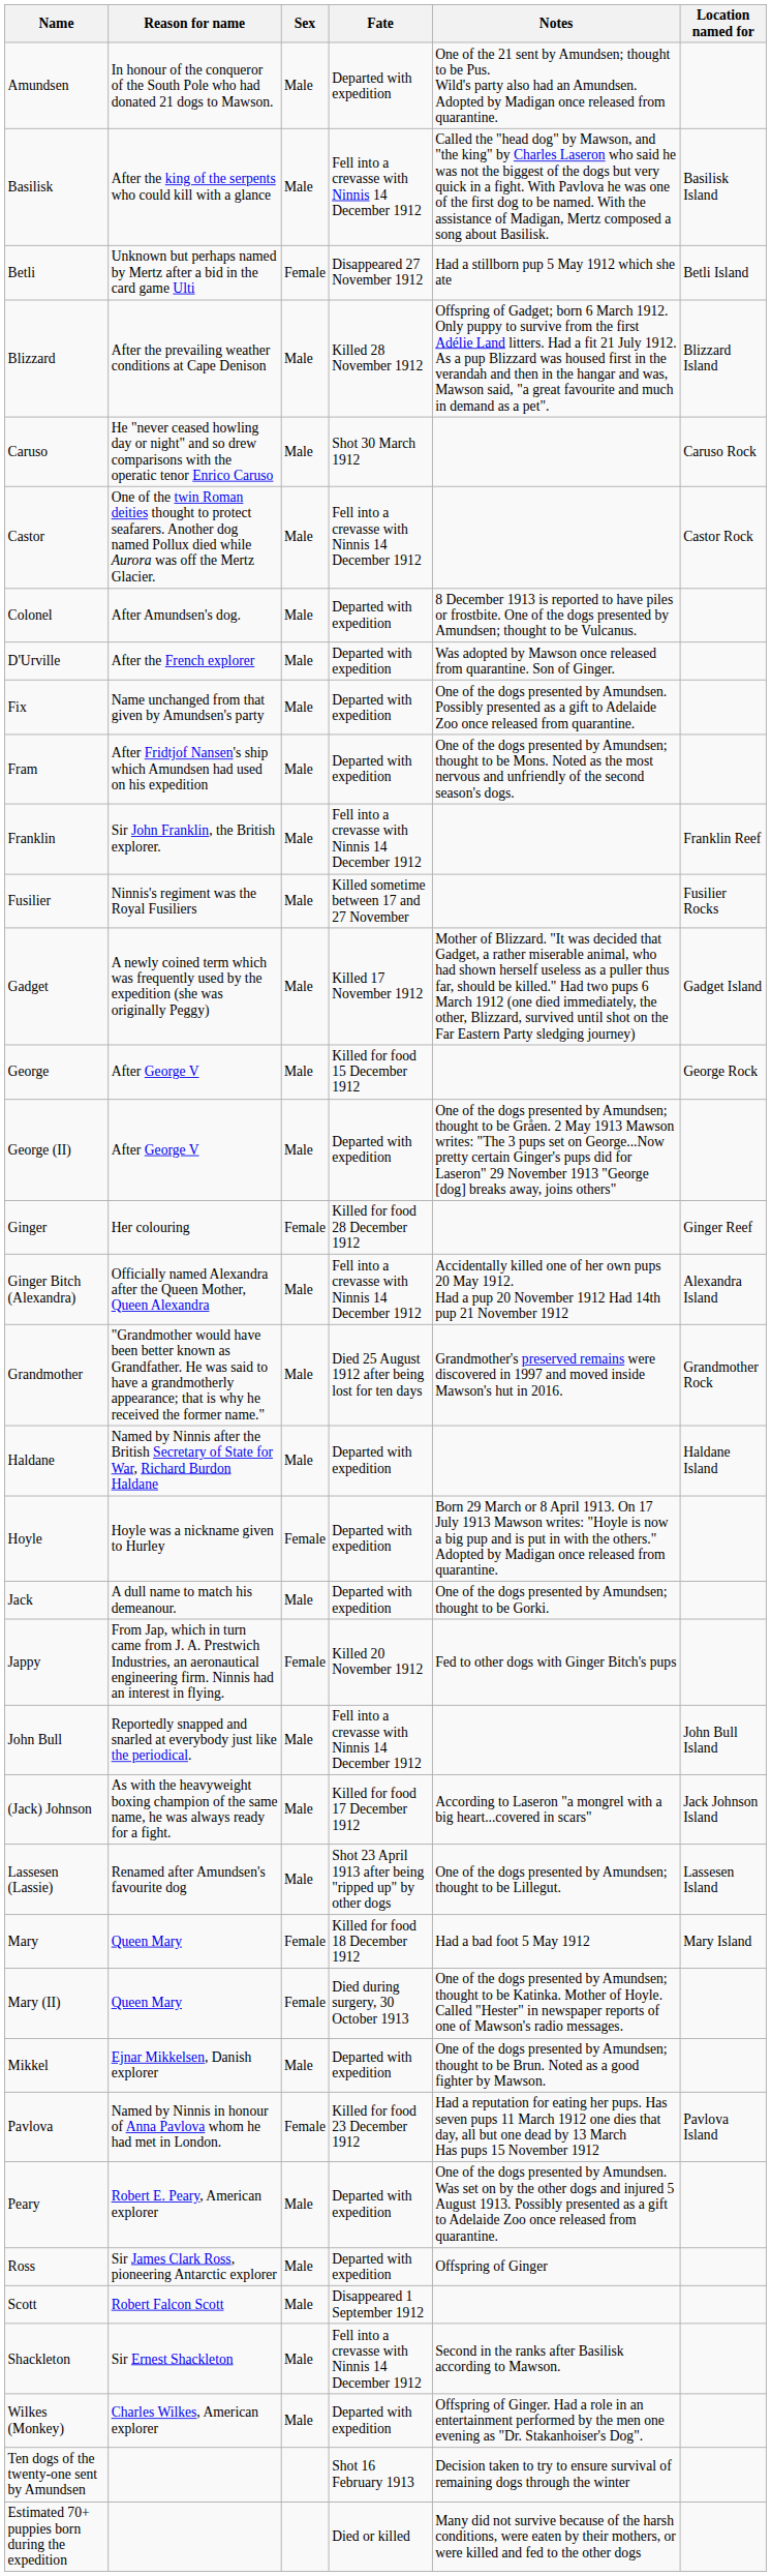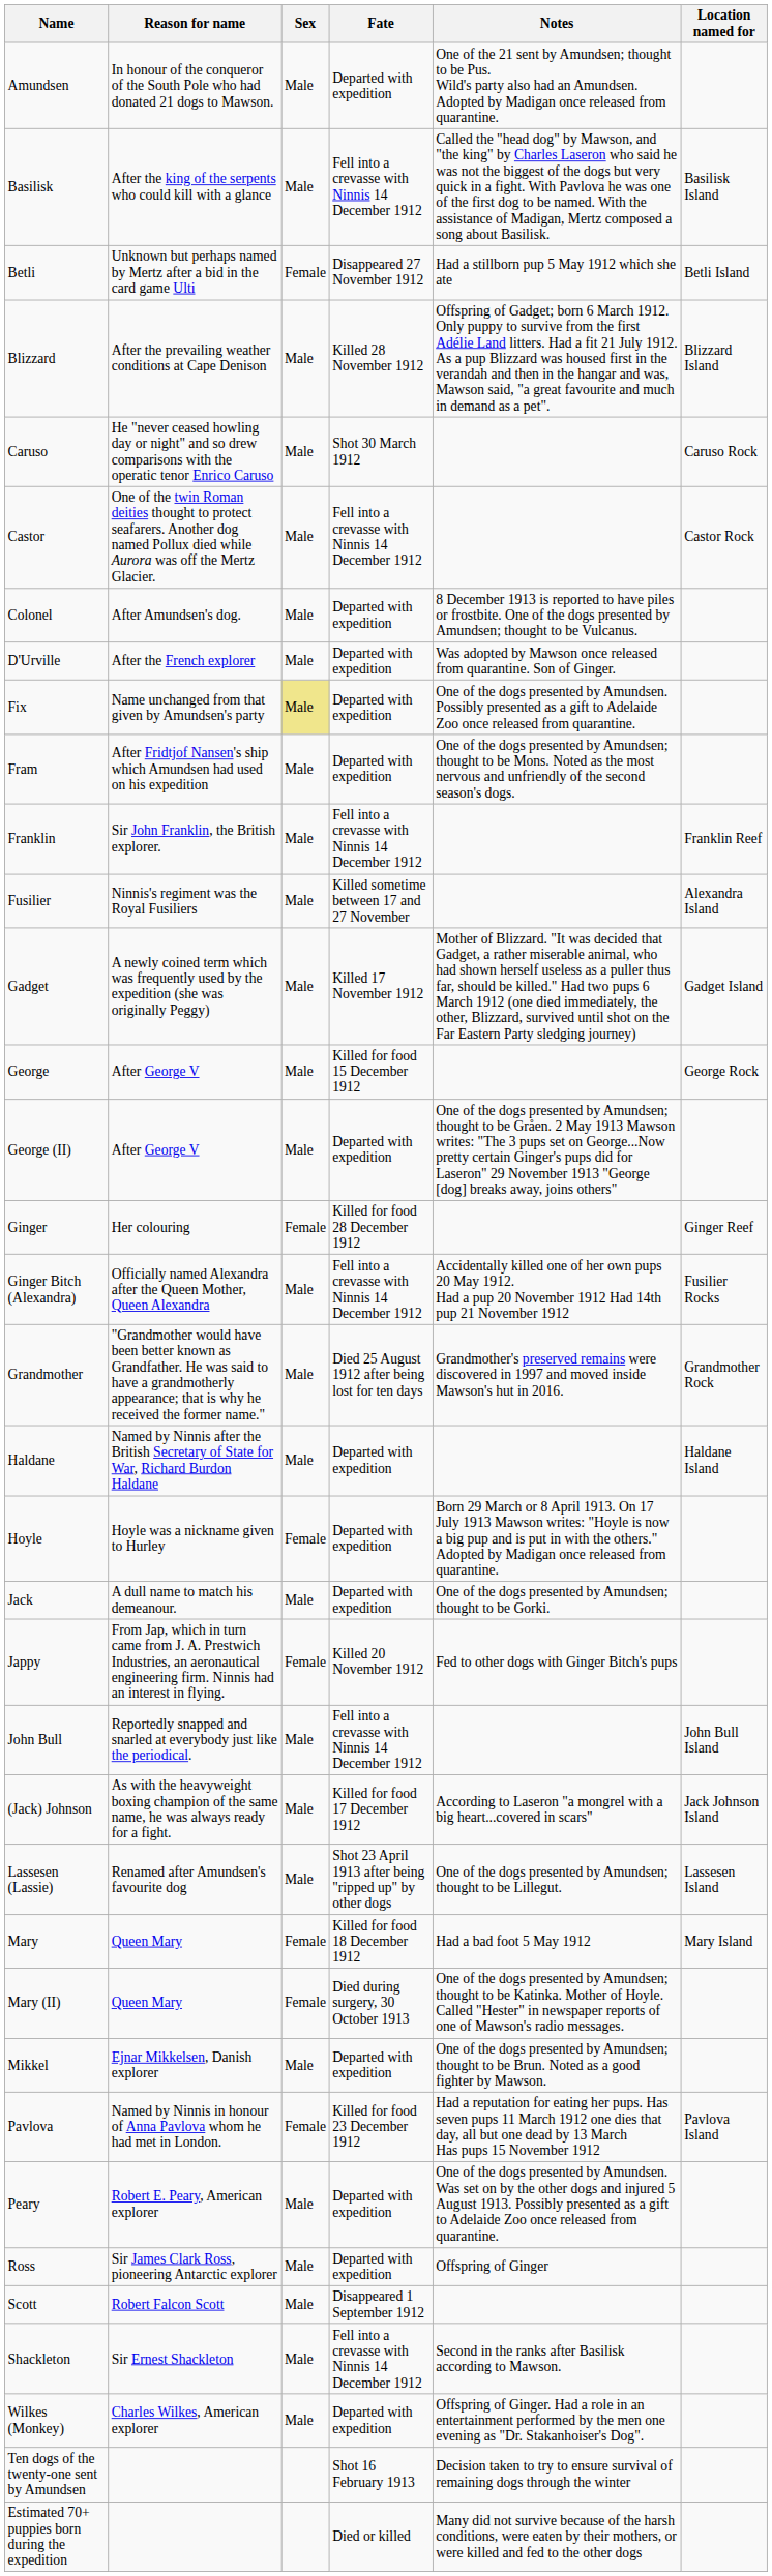 <table class="wikitable sortable">
 <tr>
 <th scope="col">Name</th>
 <th scope="col" class="unsortable">Reason for name</th>
 <th scope="col">Sex</th>
 <th scope="col">Fate</th>
 <th scope="col" class="unsortable">Notes</th>
 <th scope="col">Location named for</th>
 </tr>
 <tr |scope="row">
 <td>Amundsen</td>
 <td>In honour of the conqueror of the South Pole who had donated 21 dogs to Mawson.</td>
 <td>Male</td>
 <td>Departed with expedition</td>
 <td>One of the 21 sent by Amundsen; thought to be Pus.<br>Wild's party also had an Amundsen. Adopted by Madigan once released from quarantine.</td>
 <td></td>
 </tr>
 <tr |scope="row">
 <td>Basilisk</td>
 <td>After the <a href='#'>king of the serpents</a> who could kill with a glance</td>
 <td>Male</td>
 <td>Fell into a crevasse with <a href='#'>Ninnis</a> 14 December 1912</td>
 <td>Called the "head dog" by Mawson, and "the king" by <a href='#'>Charles Laseron</a> who said he was not the biggest of the dogs but very quick in a fight. With Pavlova he was one of the first dog to be named. With the assistance of Madigan, Mertz composed a song about Basilisk.</td>
 <td>Basilisk Island</td>
 </tr>
 <tr |scope="row">
 <td>Betli</td>
 <td>Unknown but perhaps named by Mertz after a bid in the card game <a href='#'>Ulti</a></td>
 <td>Female</td>
 <td>Disappeared 27 November 1912</td>
 <td>Had a stillborn pup 5 May 1912 which she ate</td>
 <td>Betli Island</td>
 </tr>
 <tr |scope="row">
 <td>Blizzard</td>
 <td>After the prevailing weather conditions at Cape Denison</td>
 <td>Male</td>
 <td>Killed 28 November 1912</td>
 <td>Offspring of Gadget; born 6 March 1912. Only puppy to survive from the first <a href='#'>Adélie Land</a> litters. Had a fit 21 July 1912.  As a pup Blizzard was housed first in the verandah and then in the hangar and was, Mawson said, "a great favourite and much in demand as a pet".</td>
 <td>Blizzard Island</td>
 </tr>
 <tr |scope="row">
 <td>Caruso</td>
 <td>He "never ceased howling day or night" and so drew comparisons with the operatic tenor <a href='#'>Enrico Caruso</a></td>
 <td>Male</td>
 <td>Shot 30 March 1912</td>
 <td></td>
 <td>Caruso Rock</td>
 </tr>
 <tr |scope="row">
 <td>Castor</td>
 <td>One of the <a href='#'>twin Roman deities</a> thought to protect seafarers. Another dog named Pollux died while <em>Aurora</em> was off the Mertz Glacier.</td>
 <td>Male</td>
 <td>Fell into a crevasse with Ninnis 14 December 1912</td>
 <td></td>
 <td>Castor Rock</td>
 </tr>
 <tr |scope="row">
 <td>Colonel</td>
 <td>After Amundsen's dog.</td>
 <td>Male</td>
 <td>Departed with expedition</td>
 <td>8 December 1913 is reported to have piles or frostbite. One of the dogs presented by Amundsen; thought to be Vulcanus.</td>
 <td></td>
 </tr>
 <tr |scope="row">
 <td>D'Urville</td>
 <td>After the <a href='#'>French explorer</a></td>
 <td>Male</td>
 <td>Departed with expedition</td>
 <td>Was adopted by Mawson once released from quarantine. Son of Ginger.</td>
 <td></td>
 </tr>
 <tr |scope="row">
 <td>Fix</td>
 <td>Name unchanged from that given by Amundsen's party</td>
-<td>Male</td>
+<td style="background: khaki;">Male</td>
 <td>Departed with expedition</td>
 <td>One of the dogs presented by Amundsen. Possibly presented as a gift to Adelaide Zoo once released from quarantine.</td>
 <td></td>
 </tr>
 <tr |scope="row">
 <td>Fram</td>
 <td>After <a href='#'>Fridtjof Nansen</a>'s ship which Amundsen had used on his expedition</td>
 <td>Male</td>
 <td>Departed with expedition</td>
 <td>One of the dogs presented by Amundsen; thought to be Mons. Noted as the most nervous and unfriendly of the second season's dogs.</td>
 <td></td>
 </tr>
 <tr |scope="row">
 <td>Franklin</td>
 <td>Sir <a href='#'>John Franklin</a>, the British explorer.</td>
 <td>Male</td>
 <td>Fell into a crevasse with Ninnis 14 December 1912</td>
 <td></td>
 <td>Franklin Reef</td>
 </tr>
 <tr |scope="row">
 <td>Fusilier</td>
 <td>Ninnis's regiment was the Royal Fusiliers</td>
 <td>Male</td>
 <td>Killed sometime between 17 and 27 November</td>
 <td></td>
-<td>Fusilier Rocks</td>
+<td>Alexandra Island</td>
 </tr>
 <tr |scope="row">
 <td>Gadget</td>
 <td>A newly coined term which was frequently used by the expedition (she was originally Peggy)</td>
 <td>Male</td>
 <td>Killed 17 November 1912</td>
 <td>Mother of Blizzard. "It was decided that Gadget, a rather miserable animal, who had shown herself useless as a puller thus far, should be killed." Had two pups 6 March 1912 (one died immediately, the other, Blizzard, survived until shot on the Far Eastern Party sledging journey)</td>
 <td>Gadget Island</td>
 </tr>
 <tr |scope="row">
 <td>George</td>
 <td>After <a href='#'>George V</a></td>
 <td>Male</td>
 <td>Killed for food 15 December 1912</td>
 <td></td>
 <td>George Rock</td>
 </tr>
 <tr |scope="row">
 <td>George (II)</td>
 <td>After <a href='#'>George V</a></td>
 <td>Male</td>
 <td>Departed with expedition</td>
 <td>One of the dogs presented by Amundsen; thought to be Gråen. 2 May 1913 Mawson writes: "The 3 pups set on George...Now pretty certain Ginger's pups did for Laseron" 29 November 1913 "George [dog] breaks away, joins others"</td>
 <td></td>
 </tr>
 <tr |scope="row">
 <td>Ginger</td>
 <td>Her colouring</td>
 <td>Female</td>
 <td>Killed for food 28 December 1912</td>
 <td></td>
 <td>Ginger Reef</td>
 </tr>
 <tr |scope="row">
 <td>Ginger Bitch (Alexandra)</td>
 <td>Officially named Alexandra after the Queen Mother, <a href='#'>Queen Alexandra</a></td>
 <td>Male</td>
 <td>Fell into a crevasse with Ninnis 14 December 1912</td>
 <td>Accidentally killed one of her own pups 20 May 1912.<br>Had a pup 20 November 1912 Had 14th pup 21 November 1912</td>
-<td>Alexandra Island</td>
+<td>Fusilier Rocks</td>
 </tr>
 <tr |scope="row">
 <td>Grandmother</td>
 <td>"Grandmother would have been better known as Grandfather. He was said to have a grandmotherly appearance; that is why he received the former name."</td>
 <td>Male</td>
 <td>Died 25 August 1912 after being lost for ten days</td>
 <td>Grandmother's <a href='#'>preserved remains</a> were discovered in 1997 and moved inside Mawson's hut in 2016.</td>
 <td>Grandmother Rock</td>
 </tr>
 <tr |scope="row">
 <td>Haldane</td>
 <td>Named by Ninnis after the British <a href='#'>Secretary of State for War</a>, <a href='#'>Richard Burdon Haldane</a></td>
 <td>Male</td>
 <td>Departed with expedition</td>
 <td></td>
 <td>Haldane Island</td>
 </tr>
 <tr |scope="row">
 <td>Hoyle</td>
 <td>Hoyle was a nickname given to Hurley</td>
 <td>Female</td>
 <td>Departed with expedition</td>
 <td>Born 29 March or 8 April 1913. On 17 July 1913 Mawson writes: "Hoyle is now a big pup and is put in with the others." Adopted by Madigan once released from quarantine.</td>
 <td></td>
 </tr>
 <tr |scope="row">
 <td>Jack</td>
 <td>A dull name to match his demeanour.</td>
 <td>Male</td>
 <td>Departed with expedition</td>
 <td>One of the dogs presented by Amundsen; thought to be Gorki.</td>
 <td></td>
 </tr>
 <tr |scope="row">
 <td>Jappy</td>
 <td>From Jap, which in turn came from J. A. Prestwich Industries, an aeronautical engineering firm. Ninnis had an interest in flying.</td>
 <td>Female</td>
 <td>Killed 20 November 1912</td>
 <td>Fed to other dogs with Ginger Bitch's pups</td>
 <td></td>
 </tr>
 <tr |scope="row">
 <td>John Bull</td>
 <td>Reportedly snapped and snarled at everybody just like <a href='#'>the periodical</a>.</td>
 <td>Male</td>
 <td>Fell into a crevasse with Ninnis 14 December 1912</td>
 <td></td>
 <td>John Bull Island</td>
 </tr>
 <tr |scope="row">
 <td>(Jack) Johnson</td>
 <td>As with the heavyweight boxing champion of the same name, he was always ready for a fight.</td>
 <td>Male</td>
 <td>Killed for food 17 December 1912</td>
 <td>According to Laseron "a mongrel with a big heart...covered in scars"</td>
 <td>Jack Johnson Island</td>
 </tr>
 <tr |scope="row">
 <td>Lassesen (Lassie)</td>
 <td>Renamed after Amundsen's favourite dog</td>
 <td>Male</td>
 <td>Shot 23 April 1913 after being "ripped up" by other dogs</td>
 <td>One of the dogs presented by Amundsen; thought to be Lillegut.</td>
 <td>Lassesen Island</td>
 </tr>
 <tr |scope="row">
 <td>Mary</td>
 <td><a href='#'>Queen Mary</a></td>
 <td>Female</td>
 <td>Killed for food 18 December 1912</td>
 <td>Had a bad foot 5 May 1912</td>
 <td>Mary Island</td>
 </tr>
 <tr |scope="row">
 <td>Mary (II)</td>
 <td><a href='#'>Queen Mary</a></td>
 <td>Female</td>
 <td>Died during surgery, 30 October 1913</td>
 <td>One of the dogs presented by Amundsen; thought to be Katinka. Mother of Hoyle. Called "Hester" in newspaper reports of one of Mawson's radio messages.</td>
 <td></td>
 </tr>
 <tr |scope="row">
 <td>Mikkel</td>
 <td><a href='#'>Ejnar Mikkelsen</a>, Danish explorer</td>
 <td>Male</td>
 <td>Departed with expedition</td>
 <td>One of the dogs presented by Amundsen; thought to be Brun. Noted as a good fighter by Mawson.</td>
 <td></td>
 </tr>
 <tr |scope="row">
 <td>Pavlova</td>
 <td>Named by Ninnis in honour of <a href='#'>Anna Pavlova</a> whom he had met in London.</td>
 <td>Female</td>
 <td>Killed for food 23 December 1912</td>
 <td>Had a reputation for eating her pups. Has seven pups 11 March 1912 one dies that day, all but one dead by 13 March<br>Has pups 15 November 1912</td>
 <td>Pavlova Island</td>
 </tr>
 <tr |scope="row">
 <td>Peary</td>
 <td><a href='#'>Robert E. Peary</a>, American explorer</td>
 <td>Male</td>
 <td>Departed with expedition</td>
 <td>One of the dogs presented by Amundsen. Was set on by the other dogs and injured 5 August 1913. Possibly presented as a gift to Adelaide Zoo once released from quarantine.</td>
 <td></td>
 </tr>
 <tr |scope="row">
 <td>Ross</td>
 <td>Sir <a href='#'>James Clark Ross</a>, pioneering Antarctic explorer</td>
 <td>Male</td>
 <td>Departed with expedition</td>
 <td>Offspring of Ginger</td>
 <td></td>
 </tr>
 <tr |scope="row">
 <td>Scott</td>
 <td><a href='#'>Robert Falcon Scott</a></td>
 <td>Male</td>
 <td>Disappeared 1 September 1912</td>
 <td></td>
 <td></td>
 </tr>
 <tr |scope="row">
 <td>Shackleton</td>
 <td>Sir <a href='#'>Ernest Shackleton</a></td>
 <td>Male</td>
 <td>Fell into a crevasse with Ninnis 14 December 1912</td>
 <td>Second in the ranks after Basilisk according to Mawson.</td>
 <td></td>
 </tr>
 <tr |scope="row">
 <td>Wilkes (Monkey)</td>
 <td><a href='#'>Charles Wilkes</a>, American explorer</td>
 <td>Male</td>
 <td>Departed with expedition</td>
 <td>Offspring of Ginger. Had a role in an entertainment performed by the men one evening as "Dr. Stakanhoiser's Dog".</td>
 <td></td>
 </tr>
 <tr |scope="row">
 <td>Ten dogs of the twenty-one sent by Amundsen</td>
 <td></td>
 <td></td>
 <td>Shot 16 February 1913</td>
 <td>Decision taken to try to ensure survival of remaining dogs through the winter</td>
 <td></td>
 </tr>
 <tr |scope="row">
 <td>Estimated 70+ puppies born during the expedition</td>
 <td></td>
 <td></td>
 <td>Died or killed</td>
 <td>Many did not survive because of the harsh conditions, were eaten by their mothers, or were killed and fed to the other dogs</td>
 <td></td>
 </tr>
 </table>
